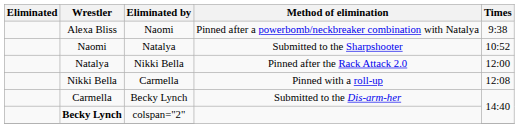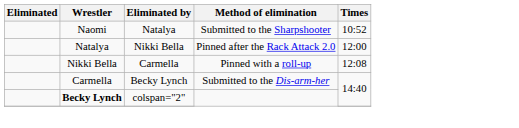 <table class="wikitable sortable" style="text-align:center;">
 <tr>
 <th>Eliminated</th>
 <th>Wrestler</th>
 <th>Eliminated by</th>
 <th>Method of elimination</th>
 <th>Times</th>
-</tr>
-<tr>
-<td></td>
-<td>Alexa Bliss</td>
-<td>Naomi</td>
-<td>Pinned after a <a href='#'>powerbomb/neckbreaker combination</a> with Natalya</td>
-<td>9:38</td>
 </tr>
 <tr>
 <td></td>
 <td>Naomi</td>
 <td>Natalya</td>
 <td>Submitted to the <a href='#'>Sharpshooter</a></td>
 <td>10:52</td>
 </tr>
 <tr>
 <td></td>
 <td>Natalya</td>
 <td>Nikki Bella</td>
 <td>Pinned after the <a href='#'>Rack Attack 2.0</a></td>
 <td>12:00</td>
 </tr>
 <tr>
 <td></td>
 <td>Nikki Bella</td>
 <td>Carmella</td>
 <td>Pinned with a <a href='#'>roll-up</a></td>
 <td>12:08</td>
 </tr>
 <tr>
 <td></td>
 <td>Carmella</td>
 <td>Becky Lynch</td>
 <td>Submitted to the <em><a href='#'>Dis-arm-her</a></em></td>
 <td rowspan="2">14:40</td>
 </tr>
 <tr>
 <td><strong></strong></td>
 <td><strong>Becky Lynch</strong></td>
 <td>colspan="2" </td>
 </tr>
 <tr>
 </tr>
 </table>
